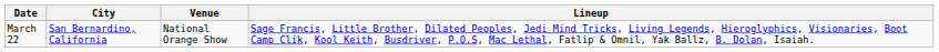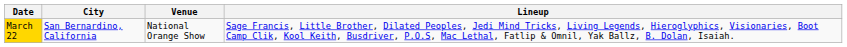 <table class="wikitable">
 <tr>
 <th width=50px>Date</th>
 <th colspan=12>City</th>
 <th colspan=12>Venue</th>
 <th colspan=12>Lineup</th>
 </tr>
 <tr>
-<td>March 22</td>
+<td style="background: gold;">March 22</td>
 <td colspan=12><a href='#'>San Bernardino, California</a></td>
 <td colspan=12>National Orange Show</td>
 <td colspan=12><a href='#'>Sage Francis</a>, <a href='#'>Little Brother</a>, <a href='#'>Dilated Peoples</a>, <a href='#'>Jedi Mind Tricks</a>, <a href='#'>Living Legends</a>, <a href='#'>Hieroglyphics</a>, <a href='#'>Visionaries</a>, <a href='#'>Boot Camp Clik</a>, <a href='#'>Kool Keith</a>, <a href='#'>Busdriver</a>, <a href='#'>P.O.S</a>, <a href='#'>Mac Lethal</a>, Fatlip & Omnil, Yak Ballz, <a href='#'>B. Dolan</a>, Isaiah.</td>
 </tr>
 </table>
